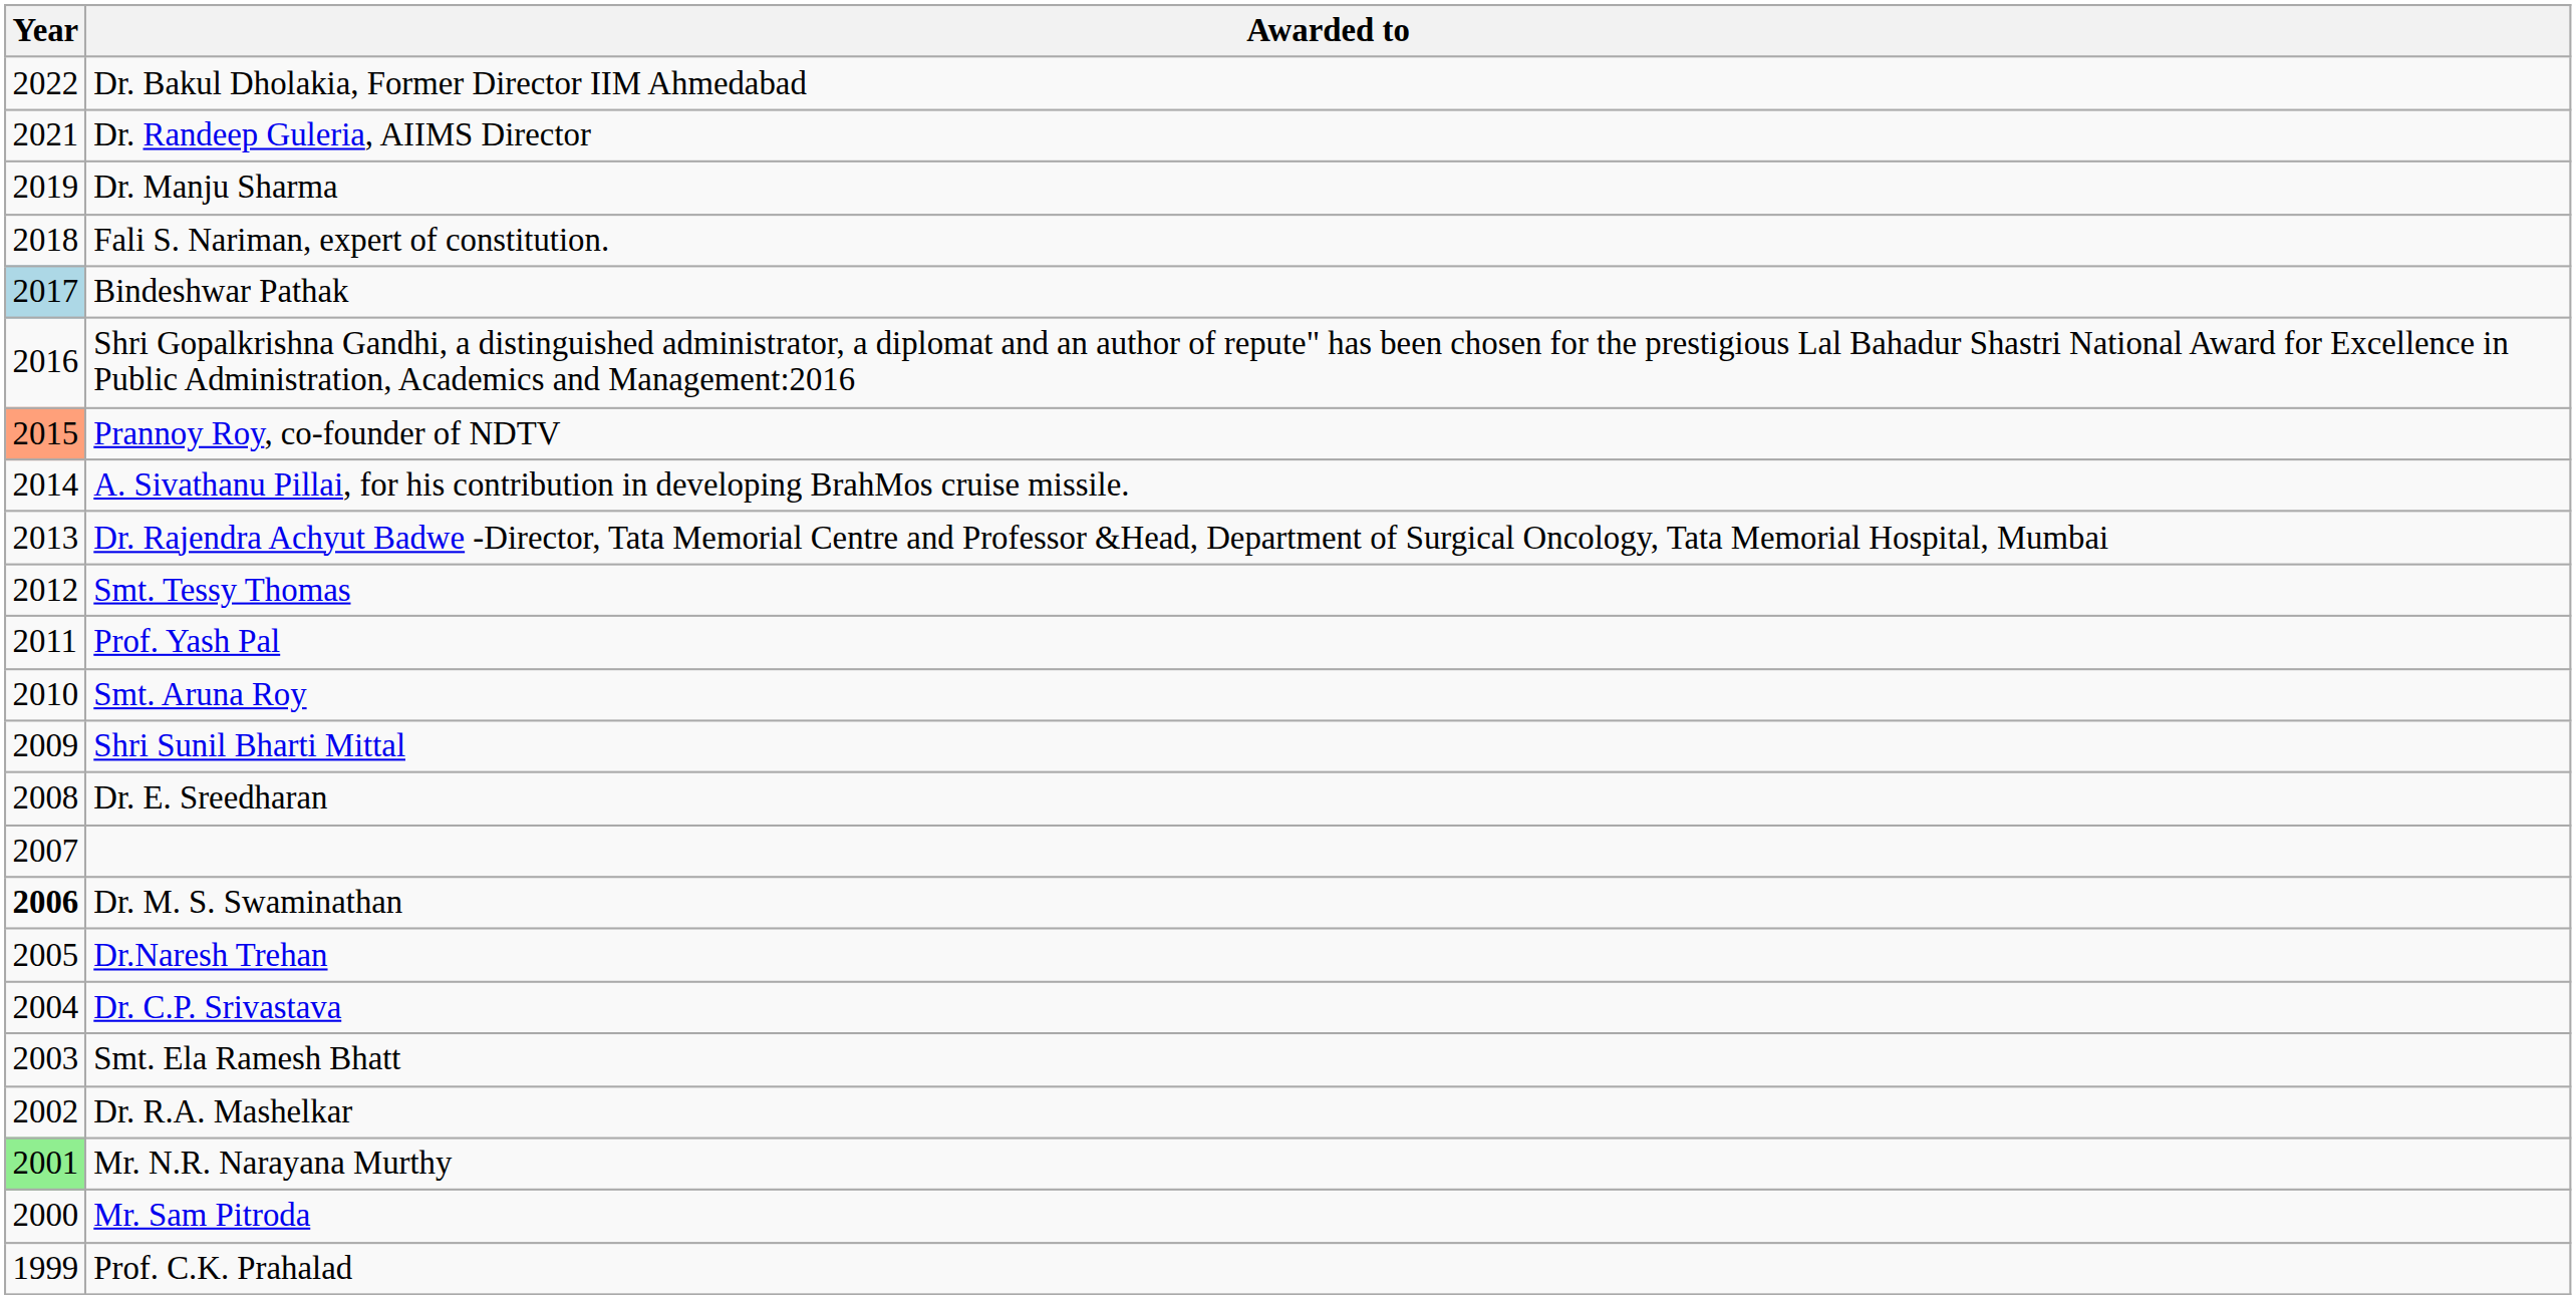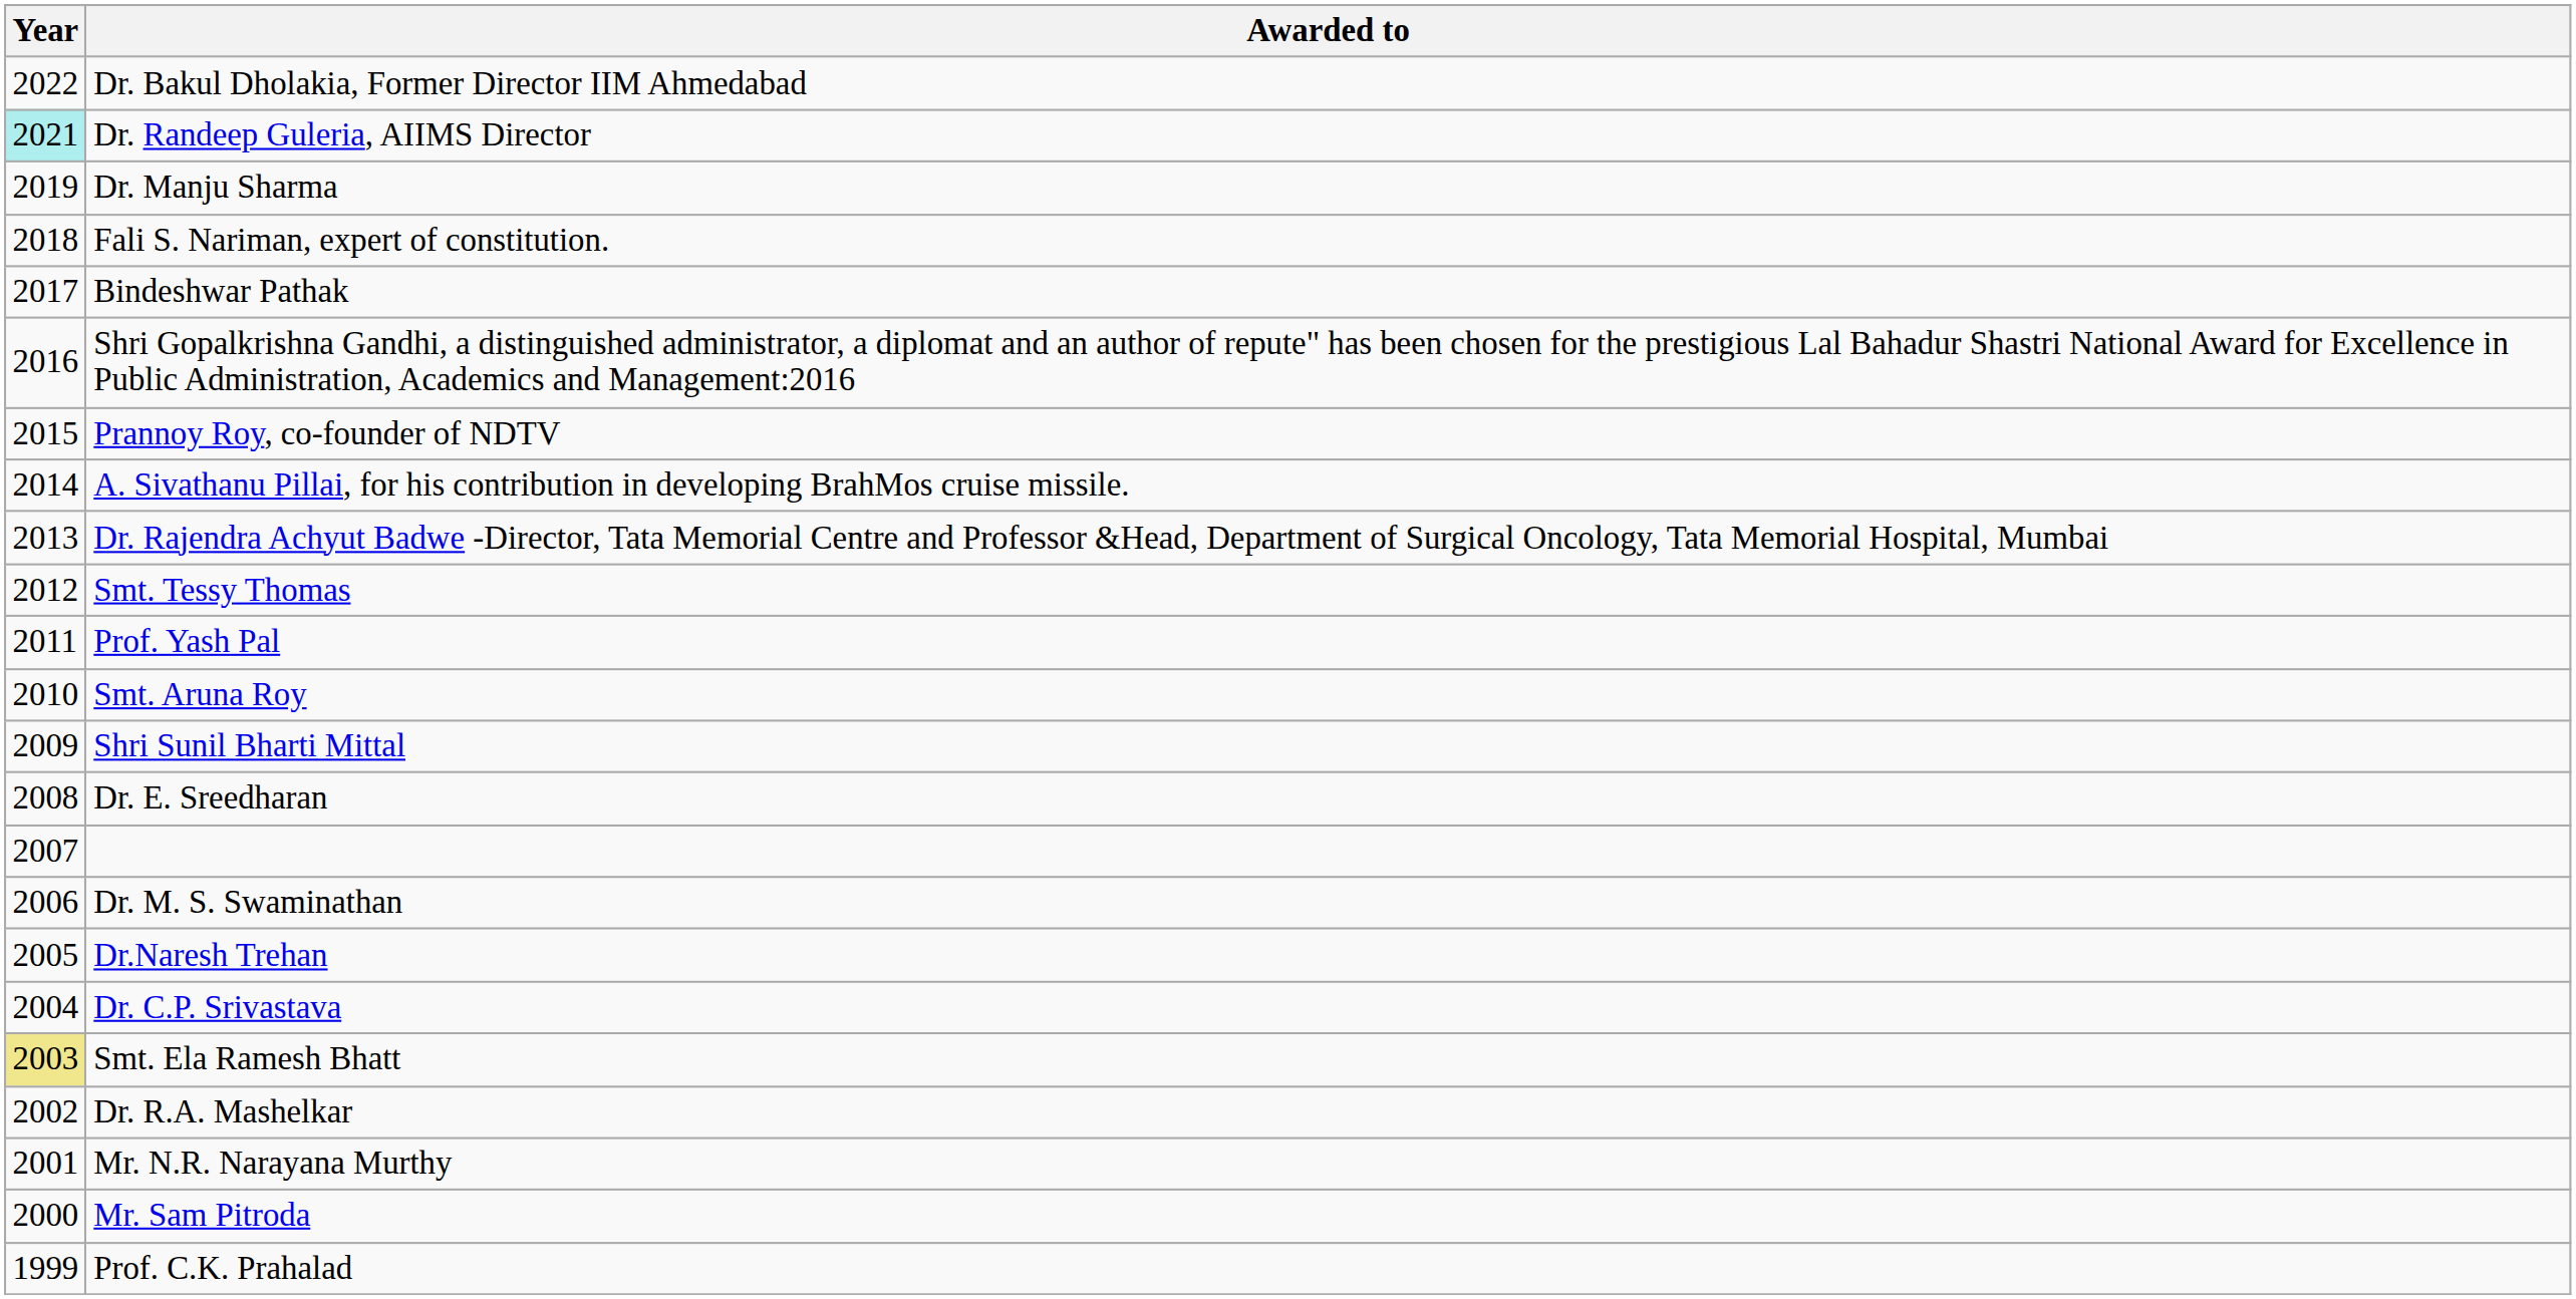 <table class="wikitable">
 <tr>
 <th>Year</th>
 <th>Awarded to</th>
 </tr>
 <tr>
 <td>2022</td>
 <td>Dr. Bakul Dholakia, Former Director IIM Ahmedabad</td>
 </tr>
 <tr>
-<td>2021</td>
+<td style="background: paleturquoise;">2021</td>
 <td>Dr. <a href='#'>Randeep Guleria</a>, AIIMS Director</td>
 </tr>
 <tr>
 <td>2019</td>
 <td>Dr. Manju Sharma</td>
 </tr>
 <tr>
 <td>2018</td>
 <td>Fali S. Nariman, expert of constitution.</td>
 </tr>
 <tr>
-<td style="background: lightblue;">2017</td>
+<td>2017</td>
 <td>Bindeshwar Pathak</td>
 </tr>
 <tr>
 <td>2016</td>
 <td>Shri Gopalkrishna Gandhi, a distinguished administrator, a diplomat and an author of repute" has been chosen for the prestigious Lal Bahadur Shastri National Award for Excellence in Public Administration, Academics and Management:2016</td>
 </tr>
 <tr>
-<td style="background: lightsalmon;">2015</td>
+<td>2015</td>
 <td><a href='#'>Prannoy Roy</a>, co-founder of NDTV</td>
 </tr>
 <tr>
 <td>2014</td>
 <td><a href='#'>A. Sivathanu Pillai</a>, for his contribution in developing BrahMos cruise missile.</td>
 </tr>
 <tr>
 <td>2013</td>
 <td><a href='#'>Dr. Rajendra Achyut Badwe</a> -Director, Tata Memorial Centre and Professor &Head, Department of Surgical Oncology, Tata Memorial Hospital, Mumbai</td>
 </tr>
 <tr>
 <td>2012</td>
 <td><a href='#'>Smt. Tessy Thomas</a></td>
 </tr>
 <tr>
 <td>2011</td>
 <td><a href='#'>Prof. Yash Pal</a></td>
 </tr>
 <tr>
 <td>2010</td>
 <td><a href='#'>Smt. Aruna Roy</a></td>
 </tr>
 <tr>
 <td>2009</td>
 <td><a href='#'>Shri Sunil Bharti Mittal</a></td>
 </tr>
 <tr>
 <td>2008</td>
 <td>Dr. E. Sreedharan</td>
 </tr>
 <tr>
 <td>2007</td>
 <td></td>
 </tr>
 <tr>
-<td><strong>2006</strong></td>
+<td>2006</td>
 <td>Dr. M. S. Swaminathan</td>
 </tr>
 <tr>
 <td>2005</td>
 <td><a href='#'>Dr.Naresh Trehan</a></td>
 </tr>
 <tr>
 <td>2004</td>
 <td><a href='#'>Dr. C.P. Srivastava</a></td>
 </tr>
 <tr>
-<td>2003</td>
+<td style="background: khaki;">2003</td>
 <td>Smt. Ela Ramesh Bhatt</td>
 </tr>
 <tr>
 <td>2002</td>
 <td>Dr. R.A. Mashelkar</td>
 </tr>
 <tr>
-<td style="background: lightgreen;">2001</td>
+<td>2001</td>
 <td>Mr. N.R. Narayana Murthy</td>
 </tr>
 <tr>
 <td>2000</td>
 <td><a href='#'>Mr. Sam Pitroda</a></td>
 </tr>
 <tr>
 <td>1999</td>
 <td>Prof. C.K. Prahalad</td>
 </tr>
 </table>
